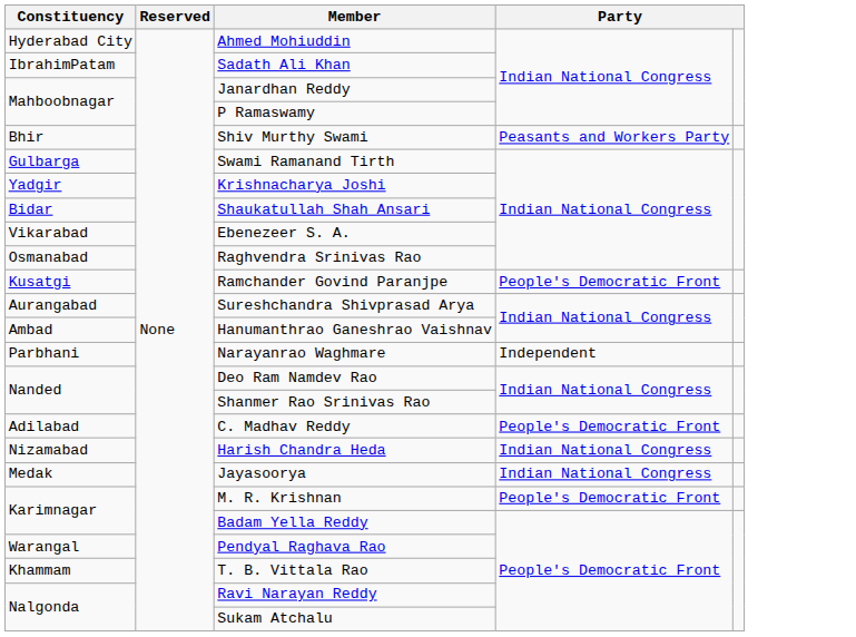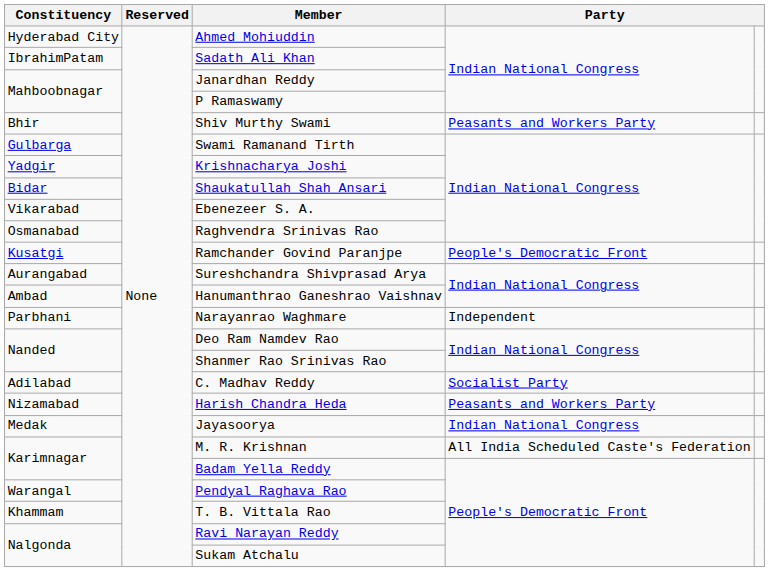 <table class="wikitable">
 <tr>
 <th>Constituency</th>
 <th>Reserved</th>
 <th>Member</th>
 <th colspan=2>Party</th>
 </tr>
 <tr>
 <td>Hyderabad City</td>
 <td rowspan=25>None</td>
 <td><a href='#'>Ahmed Mohiuddin</a></td>
 <td rowspan=4><a href='#'>Indian National Congress</a></td>
 <td rowspan=4 width="4px" style="background-color: "></td>
 </tr>
 <tr>
 <td>IbrahimPatam</td>
 <td><a href='#'>Sadath Ali Khan</a></td>
 </tr>
 <tr>
 <td rowspan=2>Mahboobnagar</td>
 <td>Janardhan Reddy</td>
 </tr>
 <tr>
 <td>P Ramaswamy</td>
 </tr>
 <tr>
 <td>Bhir</td>
 <td>Shiv Murthy Swami</td>
 <td><a href='#'>Peasants and Workers Party</a></td>
 <td></td>
 </tr>
 <tr>
 <td><a href='#'>Gulbarga</a></td>
 <td>Swami Ramanand Tirth</td>
 <td rowspan=5><a href='#'>Indian National Congress</a></td>
 <td rowspan=5 width="4px" style="background-color: "></td>
 </tr>
 <tr>
 <td><a href='#'>Yadgir</a></td>
 <td><a href='#'>Krishnacharya Joshi</a></td>
 </tr>
 <tr>
 <td><a href='#'>Bidar</a></td>
 <td><a href='#'>Shaukatullah Shah Ansari</a></td>
 </tr>
 <tr>
 <td>Vikarabad</td>
 <td>Ebenezeer S. A.</td>
 </tr>
 <tr>
 <td>Osmanabad</td>
 <td>Raghvendra Srinivas Rao</td>
 </tr>
 <tr>
 <td><a href='#'>Kusatgi</a></td>
 <td>Ramchander Govind Paranjpe</td>
 <td><a href='#'>People's Democratic Front</a></td>
 <td></td>
 </tr>
 <tr>
 <td>Aurangabad</td>
 <td>Sureshchandra Shivprasad Arya</td>
 <td rowspan=2><a href='#'>Indian National Congress</a></td>
 <td rowspan=2 width="4px" style="background-color: "></td>
 </tr>
 <tr>
 <td>Ambad</td>
 <td>Hanumanthrao Ganeshrao Vaishnav</td>
 </tr>
 <tr>
 <td>Parbhani</td>
 <td>Narayanrao Waghmare</td>
 <td>Independent</td>
 <td rowspan=1 width="4px" style="background-color: "></td>
 </tr>
 <tr>
 <td rowspan=2>Nanded</td>
 <td>Deo Ram Namdev Rao</td>
 <td rowspan=2><a href='#'>Indian National Congress</a></td>
 <td rowspan=2 width="4px" style="background-color: "></td>
 </tr>
 <tr>
 <td>Shanmer Rao Srinivas Rao</td>
 </tr>
 <tr>
 <td>Adilabad</td>
 <td>C. Madhav Reddy</td>
-<td><a href='#'>People's Democratic Front</a></td>
+<td><a href='#'>Socialist Party</a></td>
 <td></td>
 </tr>
 <tr>
 <td>Nizamabad</td>
 <td><a href='#'>Harish Chandra Heda</a></td>
-<td><a href='#'>Indian National Congress</a></td>
+<td><a href='#'>Peasants and Workers Party</a></td>
 <td style="background-color: "></td>
 </tr>
 <tr>
 <td>Medak</td>
 <td>Jayasoorya</td>
 <td><a href='#'>Indian National Congress</a></td>
 <td></td>
 </tr>
 <tr>
 <td rowspan=2>Karimnagar</td>
 <td>M. R. Krishnan</td>
-<td><a href='#'>People's Democratic Front</a></td>
+<td>All India Scheduled Caste's Federation</td>
 <td></td>
 </tr>
 <tr>
 <td><a href='#'>Badam Yella Reddy</a></td>
 <td rowspan=5><a href='#'>People's Democratic Front</a></td>
 <td rowspan=5 width="4px" style="background-color: "></td>
 </tr>
 <tr>
 <td>Warangal</td>
 <td><a href='#'>Pendyal Raghava Rao</a></td>
 </tr>
 <tr>
 <td>Khammam</td>
 <td>T. B. Vittala Rao</td>
 </tr>
 <tr>
 <td rowspan=2>Nalgonda</td>
 <td><a href='#'>Ravi Narayan Reddy</a></td>
 </tr>
 <tr>
 <td>Sukam Atchalu</td>
 </tr>
 </table>
